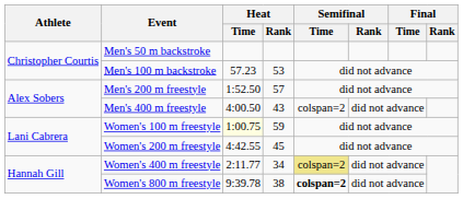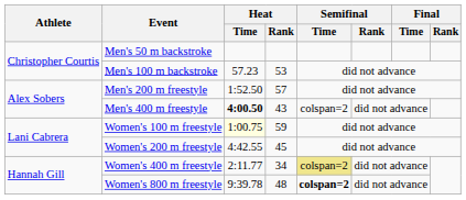 <table class=wikitable style="font-size:90%">
 <tr>
 <th rowspan="2">Athlete</th>
 <th rowspan="2">Event</th>
 <th colspan="2">Heat</th>
 <th colspan="2">Semifinal</th>
 <th colspan="2">Final</th>
 </tr>
 <tr style="font-size:95%">
 <th>Time</th>
 <th>Rank</th>
 <th>Time</th>
 <th>Rank</th>
 <th>Time</th>
 <th>Rank</th>
 </tr>
 <tr align=center>
 <td align=left rowspan=2><a href='#'>Christopher Courtis</a></td>
 <td align=left><a href='#'>Men's 50 m backstroke</a></td>
 <td></td>
 <td></td>
 <td></td>
 <td></td>
 <td></td>
 <td></td>
 </tr>
 <tr align=center>
 <td align=left><a href='#'>Men's 100 m backstroke</a></td>
 <td>57.23</td>
 <td>53</td>
 <td colspan=4>did not advance</td>
 </tr>
 <tr align=center>
 <td align=left rowspan=2><a href='#'>Alex Sobers</a></td>
 <td align=left><a href='#'>Men's 200 m freestyle</a></td>
 <td>1:52.50</td>
 <td>57</td>
 <td colspan=4>did not advance</td>
 </tr>
 <tr align=center>
 <td align=left><a href='#'>Men's 400 m freestyle</a></td>
-<td>4:00.50</td>
+<td><strong>4:00.50</strong></td>
 <td>43</td>
 <td>colspan=2 </td>
 <td colspan=2>did not advance</td>
 </tr>
 <tr align=center>
 <td align=left rowspan=2><a href='#'>Lani Cabrera</a></td>
 <td align=left><a href='#'>Women's 100 m freestyle</a></td>
 <td style="background: lightyellow;">1:00.75</td>
 <td>59</td>
 <td colspan=4>did not advance</td>
 </tr>
 <tr align=center>
 <td align=left><a href='#'>Women's 200 m freestyle</a></td>
 <td>4:42.55</td>
 <td>45</td>
 <td colspan=4>did not advance</td>
 </tr>
 <tr align=center>
 <td align=left rowspan=2><a href='#'>Hannah Gill</a></td>
 <td align=left><a href='#'>Women's 400 m freestyle</a></td>
 <td>2:11.77</td>
 <td>34</td>
 <td style="background: khaki;">colspan=2 </td>
 <td colspan=2>did not advance</td>
 </tr>
 <tr align=center>
 <td align=left><a href='#'>Women's 800 m freestyle</a></td>
 <td>9:39.78</td>
-<td>38</td>
+<td>48</td>
 <td><strong>colspan=2 </strong></td>
 <td colspan=2>did not advance</td>
 </tr>
 </table>
